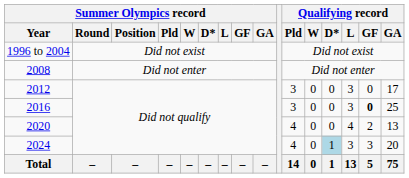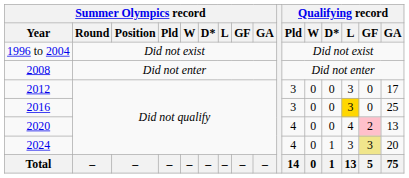 <table class="wikitable" style="text-align: center;">
 <tr>
 <th colspan=9><a href='#'>Summer Olympics</a> record</th>
 <th rowspan=11></th>
 <th colspan=6><a href='#'>Qualifying</a> record</th>
 </tr>
 <tr>
 <th>Year</th>
 <th>Round</th>
 <th>Position</th>
 <th>Pld</th>
 <th>W</th>
 <th>D*</th>
 <th>L</th>
 <th>GF</th>
 <th>GA</th>
 <th>Pld</th>
 <th>W</th>
 <th>D*</th>
 <th>L</th>
 <th>GF</th>
 <th>GA</th>
 </tr>
 <tr>
 <td> <a href='#'>1996</a> to  <a href='#'>2004</a></td>
 <td colspan=8><em>Did not exist</em></td>
 <td colspan=6><em>Did not exist</em></td>
 </tr>
 <tr>
 <td> <a href='#'>2008</a></td>
 <td colspan=8><em>Did not enter</em></td>
 <td colspan=6><em>Did not enter</em></td>
 </tr>
 <tr>
 <td> <a href='#'>2012</a></td>
 <td colspan=8 rowspan=4><em>Did not qualify</em></td>
 <td>3</td>
 <td>0</td>
 <td>0</td>
 <td>3</td>
 <td>0</td>
 <td>17</td>
 </tr>
 <tr>
 <td> <a href='#'>2016</a></td>
 <td>3</td>
 <td>0</td>
 <td>0</td>
-<td>3</td>
-<td><strong>0</strong></td>
+<td style="background: gold;">3</td>
+<td>0</td>
 <td>25</td>
 </tr>
 <tr>
 <td> <a href='#'>2020</a></td>
 <td>4</td>
 <td>0</td>
 <td>0</td>
 <td>4</td>
-<td>2</td>
+<td style="background: pink;">2</td>
 <td>13</td>
 </tr>
 <tr>
 <td> <a href='#'>2024</a></td>
 <td>4</td>
 <td>0</td>
-<td style="background: lightblue;">1</td>
+<td>1</td>
 <td>3</td>
-<td>3</td>
+<td style="background: khaki;">3</td>
 <td>20</td>
 </tr>
 <tr>
 <th>Total</th>
 <th>–</th>
 <th>–</th>
 <th>–</th>
 <th>–</th>
 <th>–</th>
 <th>–</th>
 <th>–</th>
 <th>–</th>
 <th>14</th>
 <th>0</th>
 <th>1</th>
 <th>13</th>
 <th>5</th>
 <th>75</th>
 </tr>
 </table>
